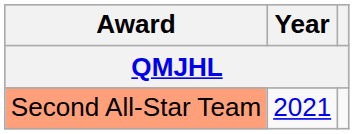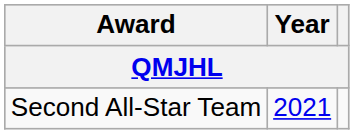 <table class="wikitable">
 <tr>
 <th>Award</th>
 <th>Year</th>
 <th></th>
 </tr>
 <tr ALIGN="center" bgcolor="#e0e0e0">
 <th colspan="3"><a href='#'>QMJHL</a></th>
 </tr>
 <tr>
-<td style="background: lightsalmon;">Second All-Star Team</td>
+<td>Second All-Star Team</td>
 <td><a href='#'>2021</a></td>
 <td></td>
 </tr>
 </table>
